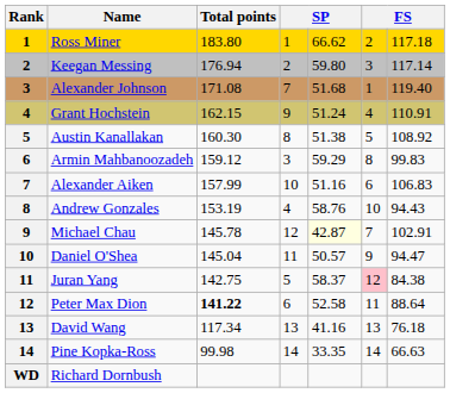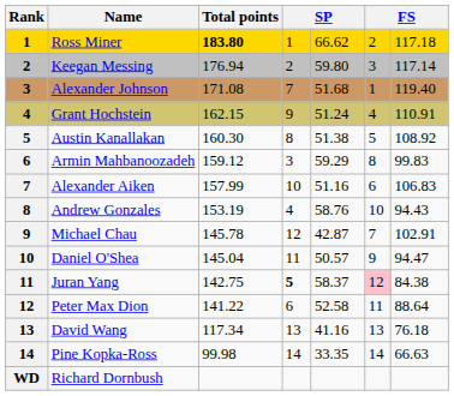 <table class="wikitable sortable">
 <tr>
 <th>Rank</th>
 <th>Name</th>
 <th>Total points</th>
 <th colspan="2" width="80px"><a href='#'>SP</a></th>
 <th colspan="2" width="80px"><a href='#'>FS</a></th>
 </tr>
 <tr bgcolor="gold">
 <td align="center"><strong>1</strong></td>
 <td><a href='#'>Ross Miner</a></td>
-<td>183.80</td>
+<td><strong>183.80</strong></td>
 <td>1</td>
 <td>66.62</td>
 <td>2</td>
 <td>117.18</td>
 </tr>
 <tr bgcolor="silver">
 <td align="center"><strong>2</strong></td>
 <td><a href='#'>Keegan Messing</a></td>
 <td>176.94</td>
 <td>2</td>
 <td>59.80</td>
 <td>3</td>
 <td>117.14</td>
 </tr>
 <tr bgcolor="cc9966">
 <td align="center"><strong>3</strong></td>
 <td><a href='#'>Alexander Johnson</a></td>
 <td>171.08</td>
 <td>7</td>
 <td>51.68</td>
 <td>1</td>
 <td>119.40</td>
 </tr>
 <tr bgcolor="#d1c571">
 <td align="center"><strong>4</strong></td>
 <td><a href='#'>Grant Hochstein</a></td>
 <td>162.15</td>
 <td>9</td>
 <td>51.24</td>
 <td>4</td>
 <td>110.91</td>
 </tr>
 <tr>
 <th>5</th>
 <td><a href='#'>Austin Kanallakan</a></td>
 <td>160.30</td>
 <td>8</td>
 <td>51.38</td>
 <td>5</td>
 <td>108.92</td>
 </tr>
 <tr>
 <th>6</th>
 <td><a href='#'>Armin Mahbanoozadeh</a></td>
 <td>159.12</td>
 <td>3</td>
 <td>59.29</td>
 <td>8</td>
 <td>99.83</td>
 </tr>
 <tr>
 <th>7</th>
 <td><a href='#'>Alexander Aiken</a></td>
 <td>157.99</td>
 <td>10</td>
 <td>51.16</td>
 <td>6</td>
 <td>106.83</td>
 </tr>
 <tr>
 <th>8</th>
 <td><a href='#'>Andrew Gonzales</a></td>
 <td>153.19</td>
 <td>4</td>
 <td>58.76</td>
 <td>10</td>
 <td>94.43</td>
 </tr>
 <tr>
 <th>9</th>
 <td><a href='#'>Michael Chau</a></td>
 <td>145.78</td>
 <td>12</td>
-<td style="background: lightyellow;">42.87</td>
+<td>42.87</td>
 <td>7</td>
 <td>102.91</td>
 </tr>
 <tr>
 <th>10</th>
 <td><a href='#'>Daniel O'Shea</a></td>
 <td>145.04</td>
 <td>11</td>
 <td>50.57</td>
 <td>9</td>
 <td>94.47</td>
 </tr>
 <tr>
 <th>11</th>
 <td><a href='#'>Juran Yang</a></td>
 <td>142.75</td>
-<td>5</td>
+<td><strong>5</strong></td>
 <td>58.37</td>
 <td style="background: pink;">12</td>
 <td>84.38</td>
 </tr>
 <tr>
 <th>12</th>
 <td><a href='#'>Peter Max Dion</a></td>
-<td><strong>141.22</strong></td>
+<td>141.22</td>
 <td>6</td>
 <td>52.58</td>
 <td>11</td>
 <td>88.64</td>
 </tr>
 <tr>
 <th>13</th>
 <td><a href='#'>David Wang</a></td>
 <td>117.34</td>
 <td>13</td>
 <td>41.16</td>
 <td>13</td>
 <td>76.18</td>
 </tr>
 <tr>
 <th>14</th>
 <td><a href='#'>Pine Kopka-Ross</a></td>
 <td>99.98</td>
 <td>14</td>
 <td>33.35</td>
 <td>14</td>
 <td>66.63</td>
 </tr>
 <tr>
 <th>WD</th>
 <td><a href='#'>Richard Dornbush</a></td>
 <td></td>
 <td></td>
 <td></td>
 <td></td>
 <td></td>
 </tr>
 </table>
